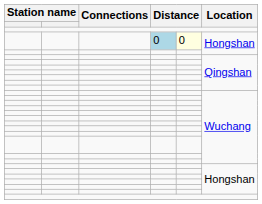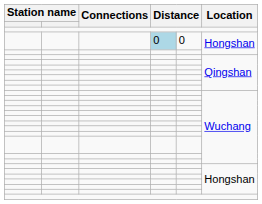 <table class="wikitable">
 <tr>
 <th colspan="2">Station name</th>
 <th rowspan="2">Connections</th>
 <th colspan="2" rowspan="2">Distance<br></th>
 <th rowspan="2">Location</th>
 </tr>
 <tr>
 <th></th>
 <th></th>
 </tr>
 <tr style="background:#">
 <td colspan = "6"></td>
 </tr>
 <tr>
 <td></td>
 <td></td>
 <td>    </td>
 <td style="background: lightblue;">0</td>
-<td style="background: lightyellow;">0</td>
+<td>0</td>
 <td rowspan="2"><a href='#'>Hongshan</a></td>
 </tr>
 <tr>
 <td></td>
 <td></td>
 <td></td>
 <td></td>
 <td></td>
 </tr>
 <tr>
 <td></td>
 <td></td>
 <td></td>
 <td></td>
 <td></td>
 <td rowspan="7"><a href='#'>Qingshan</a></td>
 </tr>
 <tr>
 <td></td>
 <td></td>
 <td></td>
 <td></td>
 <td></td>
 </tr>
 <tr>
 <td></td>
 <td></td>
 <td></td>
 <td></td>
 <td></td>
 </tr>
 <tr>
 <td></td>
 <td></td>
 <td></td>
 <td></td>
 <td></td>
 </tr>
 <tr>
 <td></td>
 <td></td>
 <td></td>
 <td></td>
 <td></td>
 </tr>
 <tr>
 <td></td>
 <td></td>
 <td></td>
 <td></td>
 <td></td>
 </tr>
 <tr>
 <td></td>
 <td></td>
 <td></td>
 <td></td>
 <td></td>
 </tr>
 <tr>
 <td></td>
 <td></td>
 <td></td>
 <td></td>
 <td></td>
 <td rowspan="12"><a href='#'>Wuchang</a></td>
 </tr>
 <tr>
 <td></td>
 <td></td>
 <td></td>
 <td></td>
 <td></td>
 </tr>
 <tr>
 <td></td>
 <td></td>
 <td> </td>
 <td></td>
 <td></td>
 </tr>
 <tr>
 <td></td>
 <td></td>
 <td></td>
 <td></td>
 <td></td>
 </tr>
 <tr>
 <td></td>
 <td></td>
 <td></td>
 <td></td>
 <td></td>
 </tr>
 <tr>
 <td></td>
 <td></td>
 <td></td>
 <td></td>
 <td></td>
 </tr>
 <tr>
 <td></td>
 <td></td>
 <td></td>
 <td></td>
 <td></td>
 </tr>
 <tr>
 <td></td>
 <td></td>
 <td></td>
 <td></td>
 <td></td>
 </tr>
 <tr>
 <td></td>
 <td></td>
 <td></td>
 <td></td>
 <td></td>
 </tr>
 <tr>
 <td></td>
 <td></td>
 <td><br></td>
 <td></td>
 <td></td>
 </tr>
 <tr>
 <td></td>
 <td></td>
 <td></td>
 <td></td>
 <td></td>
 </tr>
 <tr>
 <td></td>
 <td></td>
 <td></td>
 <td></td>
 <td></td>
 </tr>
 <tr>
 <td></td>
 <td></td>
 <td></td>
 <td></td>
 <td></td>
 <td rowspan="6">Hongshan</td>
 </tr>
 <tr>
 <td></td>
 <td></td>
 <td></td>
 <td></td>
 <td></td>
 </tr>
 <tr>
 <td></td>
 <td></td>
 <td></td>
 <td></td>
 <td></td>
 </tr>
 <tr>
 <td></td>
 <td></td>
 <td></td>
 <td></td>
 <td></td>
 </tr>
 <tr>
 <td></td>
 <td></td>
 <td></td>
 <td></td>
 <td></td>
 </tr>
 <tr>
 <td></td>
 <td></td>
 <td></td>
 <td></td>
 <td></td>
 </tr>
 <tr style="background:#">
 <td colspan = "6"></td>
 </tr>
 </table>
